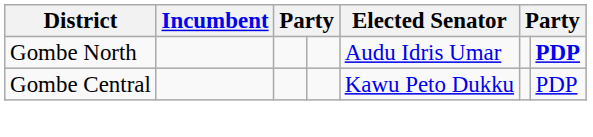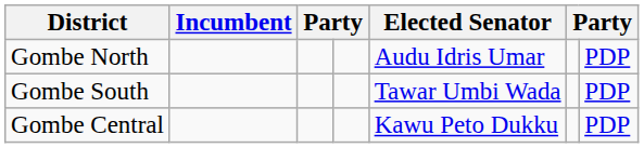 <table class="sortable wikitable" style="font-size:95%;line-height:14px;">
 <tr>
 <th class="unsortable">District</th>
 <th class="unsortable"><a href='#'>Incumbent</a></th>
 <th colspan="2">Party</th>
 <th class="unsortable">Elected Senator</th>
 <th colspan="2">Party</th>
 </tr>
 <tr>
 <td>Gombe North</td>
 <td></td>
 <td></td>
 <td></td>
 <td><a href='#'>Audu Idris Umar</a></td>
 <td style="background:"></td>
-<td><strong><a href='#'>PDP</a></strong></td>
+<td><a href='#'>PDP</a></td>
+</tr>
+<tr>
+<td>Gombe South</td>
+<td></td>
+<td></td>
+<td></td>
+<td><a href='#'>Tawar Umbi Wada</a></td>
+<td style="background:"></td>
+<td><a href='#'>PDP</a></td>
 </tr>
 <tr>
 <td>Gombe Central</td>
 <td></td>
 <td></td>
 <td></td>
 <td><a href='#'>Kawu Peto Dukku</a></td>
 <td style="background:"></td>
 <td><a href='#'>PDP</a></td>
 </tr>
 </table>
